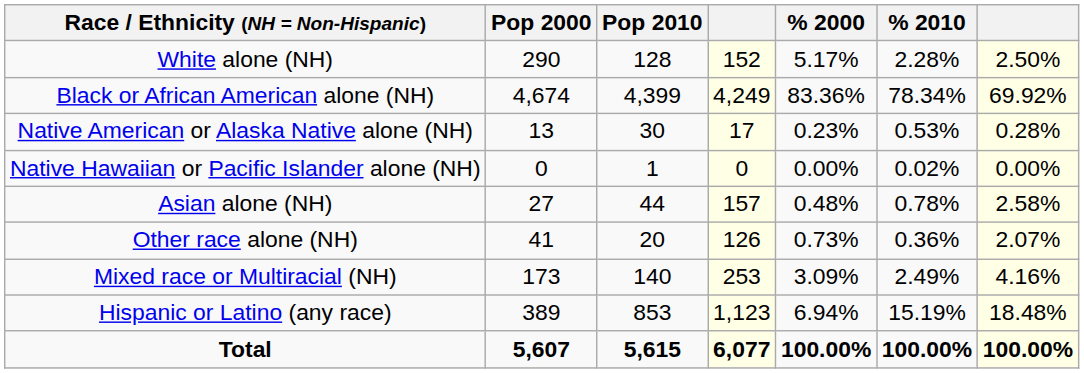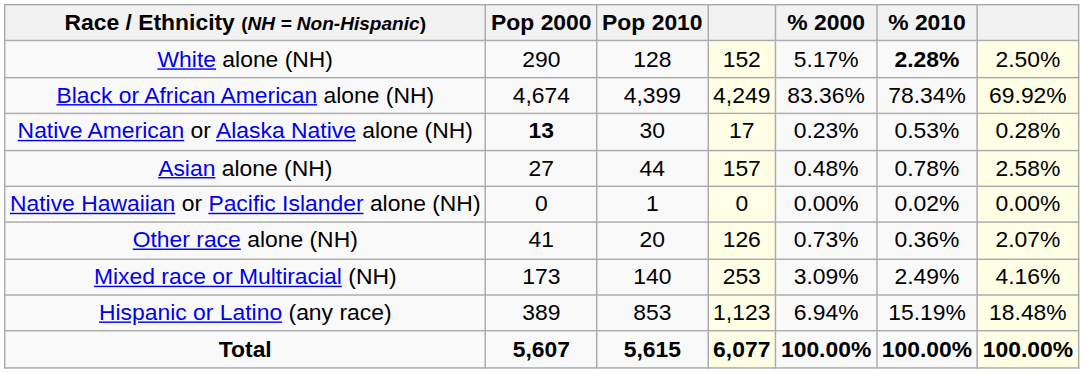 <table class="wikitable" style="text-align:center;">
 <tr>
 <th>Race / Ethnicity <small>(<em>NH = Non-Hispanic</em>)</small></th>
 <th>Pop 2000</th>
 <th>Pop 2010</th>
 <th></th>
 <th>% 2000</th>
 <th>% 2010</th>
 <th></th>
 </tr>
 <tr>
 <td><a href='#'>White</a> alone (NH)</td>
 <td>290</td>
 <td>128</td>
 <td style='background: #ffffe6;'>152</td>
 <td>5.17%</td>
-<td>2.28%</td>
+<td><strong>2.28%</strong></td>
 <td style='background: #ffffe6;'>2.50%</td>
 </tr>
 <tr>
 <td><a href='#'>Black or African American</a> alone (NH)</td>
 <td>4,674</td>
 <td>4,399</td>
 <td style='background: #ffffe6;'>4,249</td>
 <td>83.36%</td>
 <td>78.34%</td>
 <td style='background: #ffffe6;'>69.92%</td>
 </tr>
 <tr>
 <td><a href='#'>Native American</a> or <a href='#'>Alaska Native</a> alone (NH)</td>
-<td>13</td>
+<td><strong>13</strong></td>
 <td>30</td>
 <td style='background: #ffffe6;'>17</td>
 <td>0.23%</td>
 <td>0.53%</td>
 <td style='background: #ffffe6;'>0.28%</td>
+</tr>
+<tr>
+<td><a href='#'>Asian</a> alone (NH)</td>
+<td>27</td>
+<td>44</td>
+<td style='background: #ffffe6;'>157</td>
+<td>0.48%</td>
+<td>0.78%</td>
+<td style='background: #ffffe6;'>2.58%</td>
 </tr>
 <tr>
 <td><a href='#'>Native Hawaiian</a> or <a href='#'>Pacific Islander</a> alone (NH)</td>
 <td>0</td>
 <td>1</td>
 <td style='background: #ffffe6;'>0</td>
 <td>0.00%</td>
 <td>0.02%</td>
 <td style='background: #ffffe6;'>0.00%</td>
-</tr>
-<tr>
-<td><a href='#'>Asian</a> alone (NH)</td>
-<td>27</td>
-<td>44</td>
-<td style='background: #ffffe6;'>157</td>
-<td>0.48%</td>
-<td>0.78%</td>
-<td style='background: #ffffe6;'>2.58%</td>
 </tr>
 <tr>
 <td><a href='#'>Other race</a> alone (NH)</td>
 <td>41</td>
 <td>20</td>
 <td style='background: #ffffe6;'>126</td>
 <td>0.73%</td>
 <td>0.36%</td>
 <td style='background: #ffffe6;'>2.07%</td>
 </tr>
 <tr>
 <td><a href='#'>Mixed race or Multiracial</a> (NH)</td>
 <td>173</td>
 <td>140</td>
 <td style='background: #ffffe6;'>253</td>
 <td>3.09%</td>
 <td>2.49%</td>
 <td style='background: #ffffe6;'>4.16%</td>
 </tr>
 <tr>
 <td><a href='#'>Hispanic or Latino</a> (any race)</td>
 <td>389</td>
 <td>853</td>
 <td style='background: #ffffe6;'>1,123</td>
 <td>6.94%</td>
 <td>15.19%</td>
 <td style='background: #ffffe6;'>18.48%</td>
 </tr>
 <tr>
 <td><strong>Total</strong></td>
 <td><strong>5,607</strong></td>
 <td><strong>5,615</strong></td>
 <td style='background: #ffffe6;'><strong>6,077</strong></td>
 <td><strong>100.00%</strong></td>
 <td><strong>100.00%</strong></td>
 <td style='background: #ffffe6;'><strong>100.00%</strong></td>
 </tr>
 </table>
